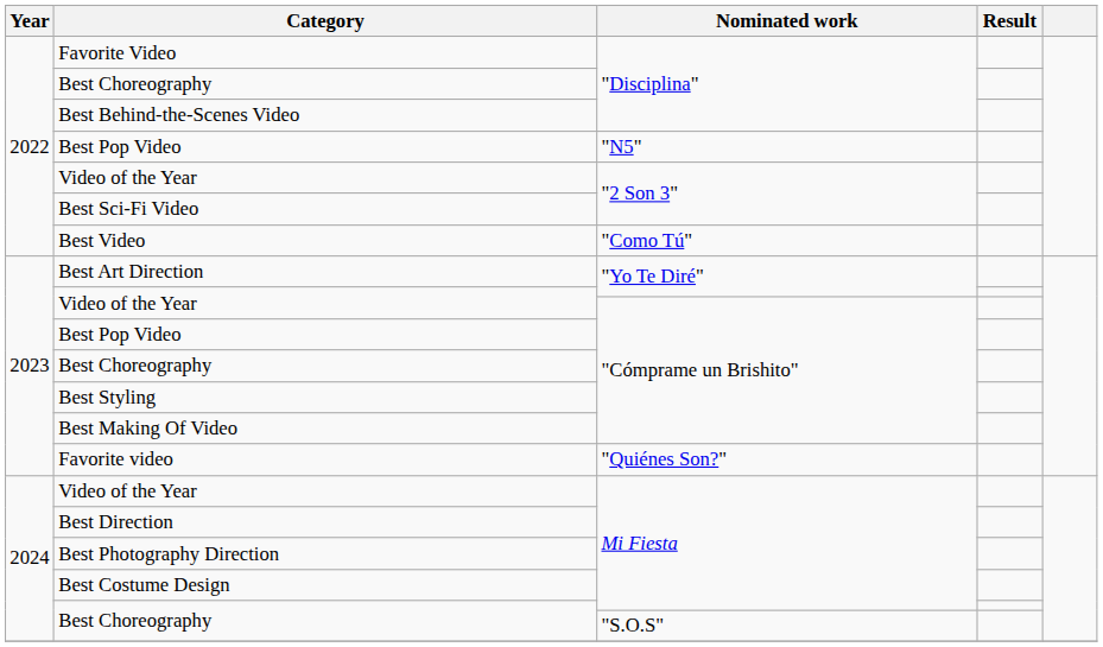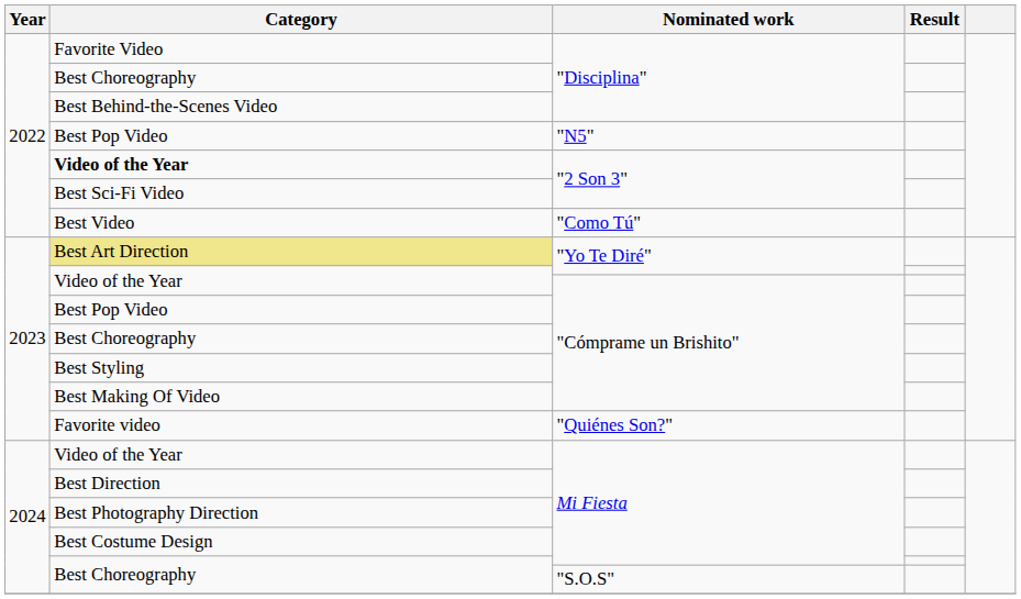 <table class="wikitable plainrowheaders" style="width:70%;">
 <tr>
 <th scope="col" style="width:4%;">Year</th>
 <th scope="col" style="width:50%;">Category</th>
 <th scope="col" style="width:35%;">Nominated work</th>
 <th scope="col" style="width:6%;">Result</th>
 <th scope="col" style="width:6%;"></th>
 </tr>
 <tr>
 <td align=center rowspan="7">2022</td>
 <td>Favorite Video</td>
 <td rowspan="3">"<a href='#'>Disciplina</a>"</td>
 <td></td>
 <td rowspan="7"></td>
 </tr>
 <tr>
 <td>Best Choreography</td>
 <td></td>
 </tr>
 <tr>
 <td>Best Behind-the-Scenes Video</td>
 <td></td>
 </tr>
 <tr>
 <td>Best Pop Video</td>
 <td>"<a href='#'>N5</a>"</td>
 <td></td>
 </tr>
 <tr>
-<td>Video of the Year</td>
+<td><strong>Video of the Year</strong></td>
 <td rowspan="2">"<a href='#'>2 Son 3</a>"</td>
 <td></td>
 </tr>
 <tr>
 <td>Best Sci-Fi Video</td>
 <td></td>
 </tr>
 <tr>
 <td>Best Video</td>
 <td>"<a href='#'>Como Tú</a>"</td>
 <td></td>
 </tr>
 <tr>
 <td align=center rowspan="8">2023</td>
-<td>Best Art Direction</td>
+<td style="background: khaki;">Best Art Direction</td>
 <td rowspan="2">"<a href='#'>Yo Te Diré</a>" </td>
 <td></td>
 <td rowspan="8"></td>
 </tr>
 <tr>
 <td rowspan="2">Video of the Year</td>
 <td></td>
 </tr>
 <tr>
 <td rowspan="5">"Cómprame un Brishito"</td>
 <td></td>
 </tr>
 <tr>
 <td>Best Pop Video</td>
 <td></td>
 </tr>
 <tr>
 <td>Best Choreography</td>
 <td></td>
 </tr>
 <tr>
 <td>Best Styling</td>
 <td></td>
 </tr>
 <tr>
 <td>Best Making Of Video</td>
 <td></td>
 </tr>
 <tr>
 <td>Favorite video</td>
 <td>"<a href='#'>Quiénes Son?</a>"</td>
 <td></td>
 </tr>
 <tr>
 <td rowspan="6">2024</td>
 <td>Video of the Year</td>
 <td rowspan="5"><em><a href='#'>Mi Fiesta</a></em></td>
 <td></td>
 <td rowspan="6"></td>
 </tr>
 <tr>
 <td>Best Direction</td>
 <td></td>
 </tr>
 <tr>
 <td>Best Photography Direction</td>
 <td></td>
 </tr>
 <tr>
 <td>Best Costume Design</td>
 <td></td>
 </tr>
 <tr>
 <td rowspan="2">Best Choreography</td>
 <td></td>
 </tr>
 <tr>
 <td>"S.O.S" </td>
 <td></td>
 </tr>
 <tr>
 </tr>
 </table>
